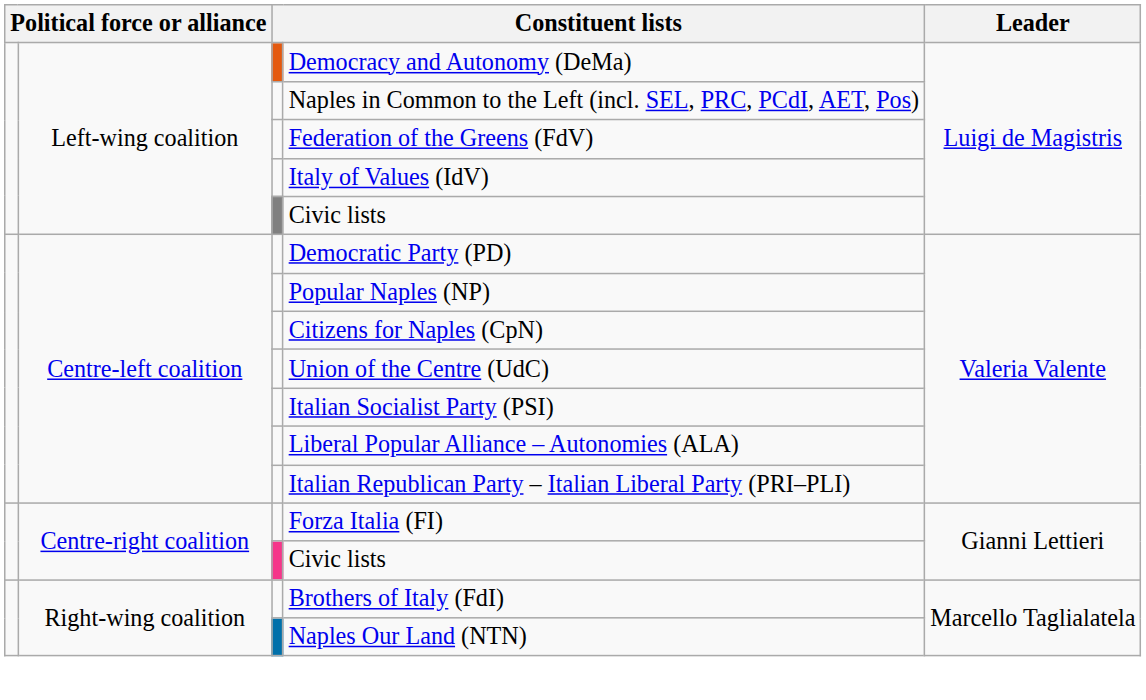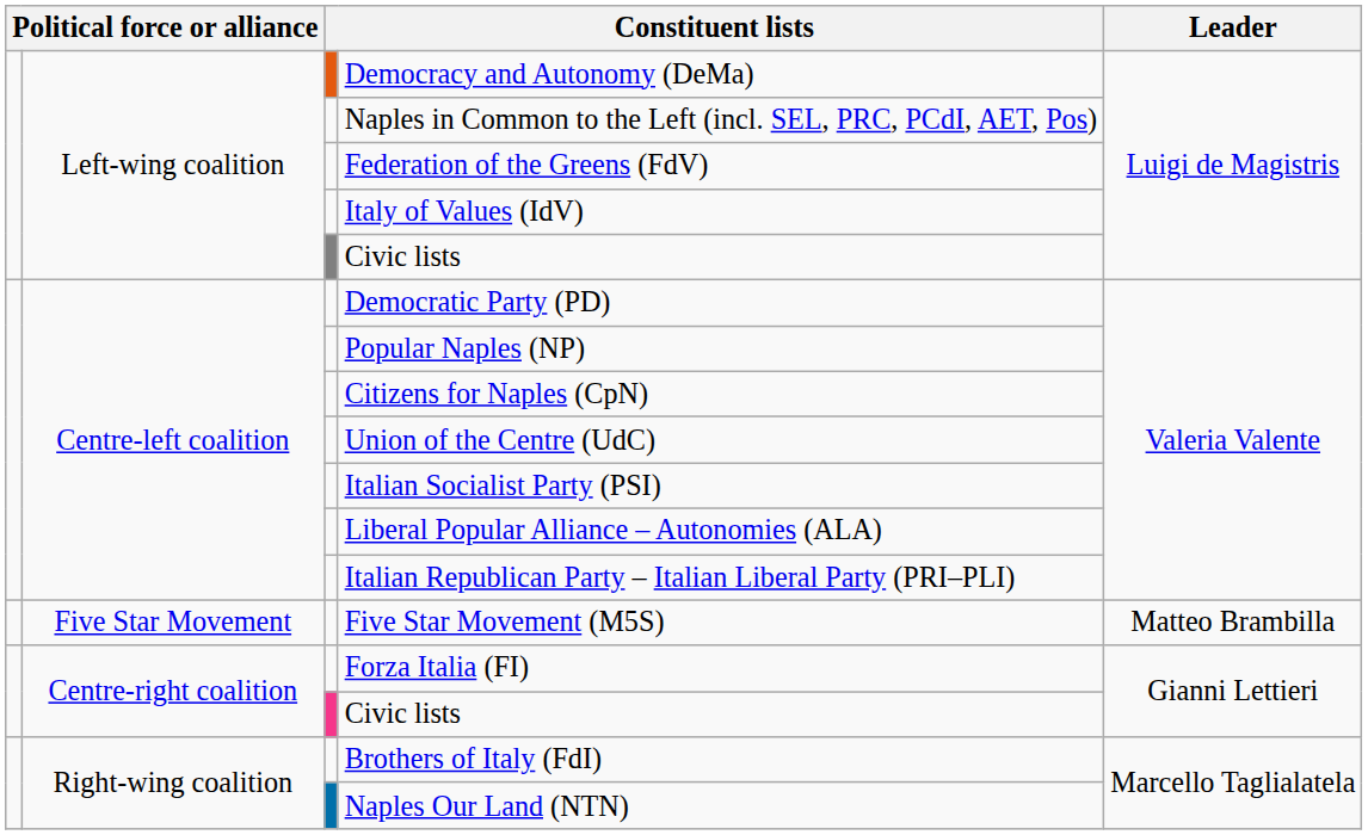 <table class=wikitable style=text-align:left>
 <tr>
 <th colspan=2>Political force or alliance</th>
 <th colspan=2>Constituent lists</th>
 <th>Leader</th>
 </tr>
 <tr>
 <td rowspan=5 style="background:"></td>
 <td rowspan=5 style="text-align:center;">Left-wing coalition</td>
 <td bgcolor="#E4590F"></td>
 <td style="text-align:left;"><a href='#'>Democracy and Autonomy</a> (DeMa)</td>
 <td rowspan=5 style="text-align:center;"><a href='#'>Luigi de Magistris</a></td>
 </tr>
 <tr>
 <td></td>
 <td style="text-align:left;">Naples in Common to the Left (incl. <a href='#'>SEL</a>, <a href='#'>PRC</a>, <a href='#'>PCdI</a>, <a href='#'>AET</a>, <a href='#'>Pos</a>)</td>
 </tr>
 <tr>
 <td></td>
 <td style="text-align:left;"><a href='#'>Federation of the Greens</a> (FdV)</td>
 </tr>
 <tr>
 <td></td>
 <td style="text-align:left;"><a href='#'>Italy of Values</a> (IdV)</td>
 </tr>
 <tr>
 <td bgcolor="grey"></td>
 <td style="text-align:left;">Civic lists</td>
 </tr>
 <tr>
 <td rowspan=7 style="background-color:"></td>
 <td rowspan=7 style="text-align:center;"><a href='#'>Centre-left coalition</a></td>
 <td></td>
 <td style="text-align:left;"><a href='#'>Democratic Party</a> (PD)</td>
 <td rowspan=7 style="text-align:center;"><a href='#'>Valeria Valente</a></td>
 </tr>
 <tr>
 <td></td>
 <td style="text-align:left;"><a href='#'>Popular Naples</a> (NP)</td>
 </tr>
 <tr>
 <td></td>
 <td style="text-align:left;"><a href='#'>Citizens for Naples</a> (CpN)</td>
 </tr>
 <tr>
 <td></td>
 <td style="text-align:left;"><a href='#'>Union of the Centre</a> (UdC)</td>
 </tr>
 <tr>
 <td></td>
 <td style="text-align:left;"><a href='#'>Italian Socialist Party</a> (PSI)</td>
 </tr>
 <tr>
 <td></td>
 <td style="text-align:left;"><a href='#'>Liberal Popular Alliance – Autonomies</a> (ALA)</td>
 </tr>
 <tr>
 <td></td>
 <td style="text-align:left;"><a href='#'>Italian Republican Party</a> – <a href='#'>Italian Liberal Party</a> (PRI–PLI)</td>
 </tr>
 <tr>
+<td style="background-color:"></td>
+<td style="text-align:center;"><a href='#'>Five Star Movement</a></td>
+<td></td>
+<td style="text-align:left;"><a href='#'>Five Star Movement</a> (M5S)</td>
+<td style="text-align:center;">Matteo Brambilla</td>
+</tr>
+<tr>
 <td rowspan=2 style="background:"></td>
 <td rowspan=2 style="text-align:center;"><a href='#'>Centre-right coalition</a></td>
 <td></td>
 <td style="text-align:left;"><a href='#'>Forza Italia</a> (FI)</td>
 <td rowspan=2 style="text-align:center;">Gianni Lettieri</td>
 </tr>
 <tr>
 <td bgcolor="#F6358A"></td>
 <td style="text-align:left;">Civic lists</td>
 </tr>
 <tr>
 <td rowspan=2 style="background:"></td>
 <td rowspan=2 style="text-align:center;">Right-wing coalition</td>
 <td></td>
 <td style="text-align:left;"><a href='#'>Brothers of Italy</a> (FdI)</td>
 <td rowspan=2 style="text-align:center;">Marcello Taglialatela</td>
 </tr>
 <tr>
 <td bgcolor="#0070AA"></td>
 <td style="text-align:left;"><a href='#'>Naples Our Land</a> (NTN)</td>
 </tr>
 </table>
